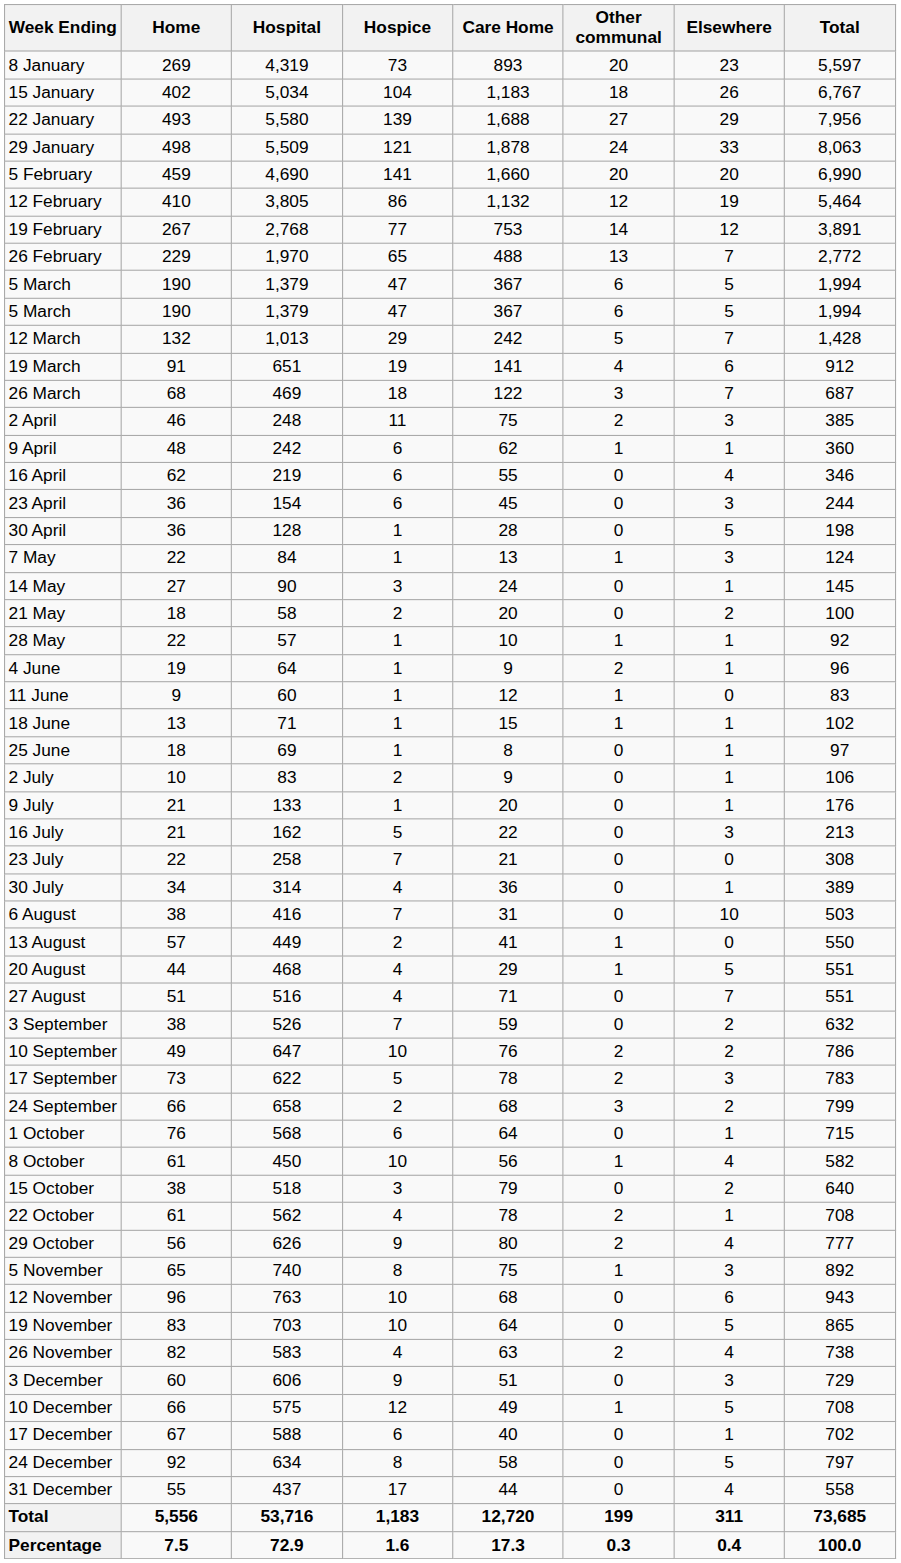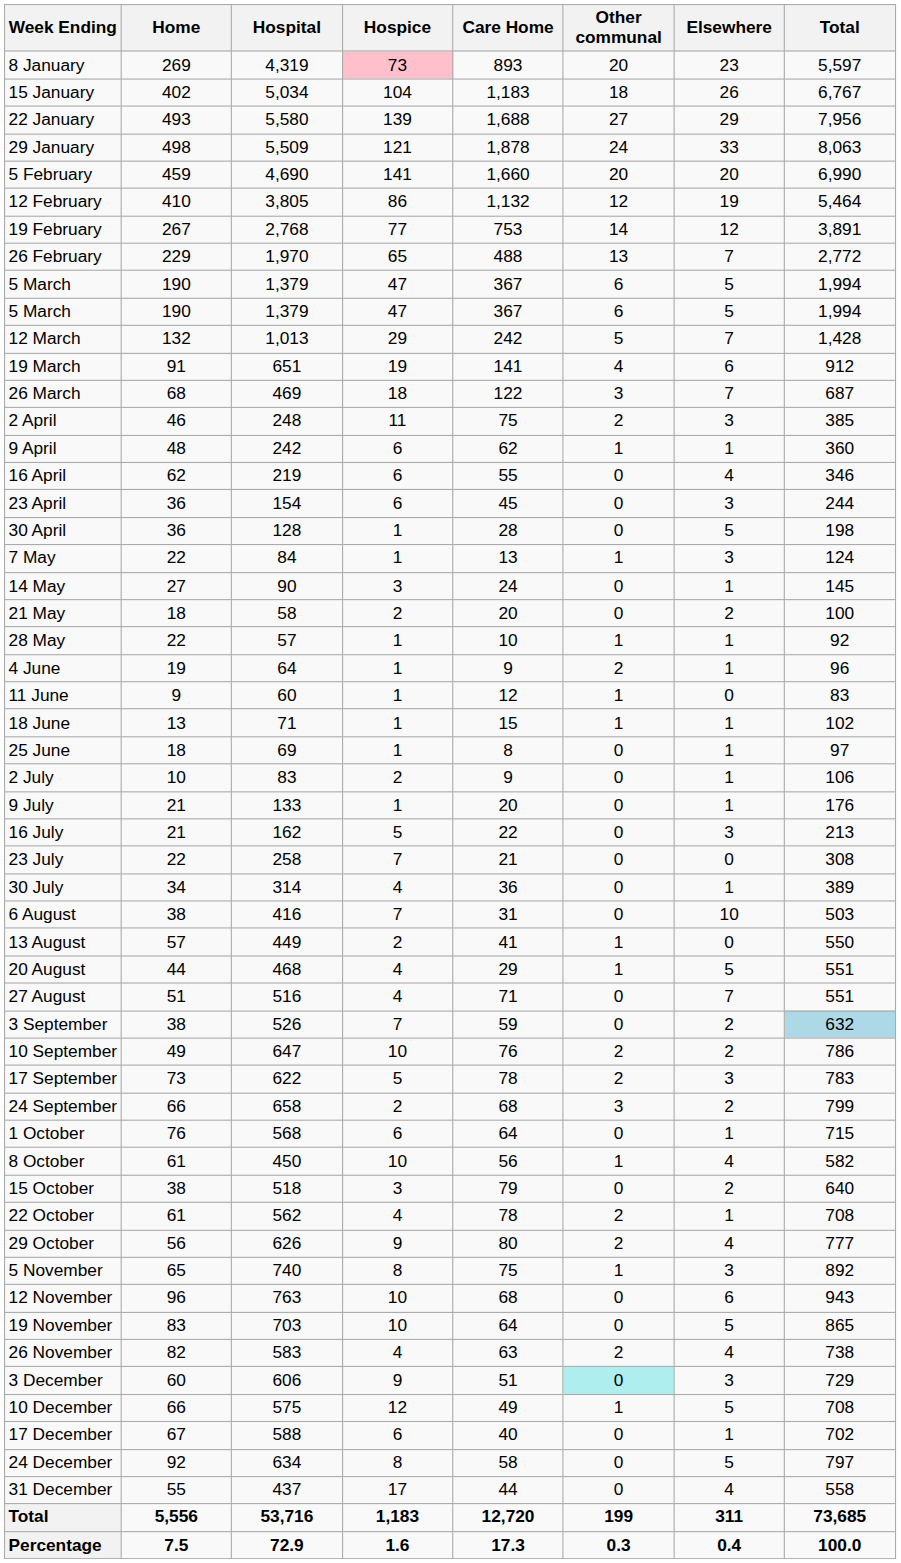 <table class="wikitable">
 <tr>
 <th>Week Ending</th>
 <th>Home</th>
 <th>Hospital</th>
 <th>Hospice</th>
 <th>Care Home</th>
 <th>Other communal</th>
 <th>Elsewhere</th>
 <th>Total</th>
 </tr>
 <tr>
 <td>8 January</td>
 <td style="width: 95px; text-align:center">269</td>
 <td style="width: 95px; text-align:center">4,319</td>
-<td style="width: 95px; text-align:center">73</td>
+<td style="background: pink; width: 95px; text-align:center">73</td>
 <td style="width: 95px; text-align:center">893</td>
 <td style="width: 95px; text-align:center">20</td>
 <td style="width: 95px; text-align:center">23</td>
 <td style="width: 95px; text-align:center">5,597</td>
 </tr>
 <tr>
 <td>15 January</td>
 <td style="text-align:center">402</td>
 <td style="text-align:center">5,034</td>
 <td style="text-align:center">104</td>
 <td style="text-align:center">1,183</td>
 <td style="text-align:center">18</td>
 <td style="text-align:center">26</td>
 <td style="text-align:center">6,767</td>
 </tr>
 <tr>
 <td>22 January</td>
 <td style="text-align:center">493</td>
 <td style="text-align:center">5,580</td>
 <td style="text-align:center">139</td>
 <td style="text-align:center">1,688</td>
 <td style="text-align:center">27</td>
 <td style="text-align:center">29</td>
 <td style="text-align:center">7,956</td>
 </tr>
 <tr>
 <td>29 January</td>
 <td style="text-align:center">498</td>
 <td style="text-align:center">5,509</td>
 <td style="text-align:center">121</td>
 <td style="text-align:center">1,878</td>
 <td style="text-align:center">24</td>
 <td style="text-align:center">33</td>
 <td style="text-align:center">8,063</td>
 </tr>
 <tr>
 <td>5 February</td>
 <td style="text-align:center">459</td>
 <td style="text-align:center">4,690</td>
 <td style="text-align:center">141</td>
 <td style="text-align:center">1,660</td>
 <td style="text-align:center">20</td>
 <td style="text-align:center">20</td>
 <td style="text-align:center">6,990</td>
 </tr>
 <tr>
 <td>12 February</td>
 <td style="text-align:center">410</td>
 <td style="text-align:center">3,805</td>
 <td style="text-align:center">86</td>
 <td style="text-align:center">1,132</td>
 <td style="text-align:center">12</td>
 <td style="text-align:center">19</td>
 <td style="text-align:center">5,464</td>
 </tr>
 <tr>
 <td>19 February</td>
 <td style="text-align:center">267</td>
 <td style="text-align:center">2,768</td>
 <td style="text-align:center">77</td>
 <td style="text-align:center">753</td>
 <td style="text-align:center">14</td>
 <td style="text-align:center">12</td>
 <td style="text-align:center">3,891</td>
 </tr>
 <tr>
 <td>26 February</td>
 <td style="text-align:center">229</td>
 <td style="text-align:center">1,970</td>
 <td style="text-align:center">65</td>
 <td style="text-align:center">488</td>
 <td style="text-align:center">13</td>
 <td style="text-align:center">7</td>
 <td style="text-align:center">2,772</td>
 </tr>
 <tr>
 <td>5 March</td>
 <td style="text-align:center">190</td>
 <td style="text-align:center">1,379</td>
 <td style="text-align:center">47</td>
 <td style="text-align:center">367</td>
 <td style="text-align:center">6</td>
 <td style="text-align:center">5</td>
 <td style="text-align:center">1,994</td>
 </tr>
 <tr>
 <td>5 March</td>
 <td style="text-align:center">190</td>
 <td style="text-align:center">1,379</td>
 <td style="text-align:center">47</td>
 <td style="text-align:center">367</td>
 <td style="text-align:center">6</td>
 <td style="text-align:center">5</td>
 <td style="text-align:center">1,994</td>
 </tr>
 <tr>
 <td>12 March</td>
 <td style="text-align:center">132</td>
 <td style="text-align:center">1,013</td>
 <td style="text-align:center">29</td>
 <td style="text-align:center">242</td>
 <td style="text-align:center">5</td>
 <td style="text-align:center">7</td>
 <td style="text-align:center">1,428</td>
 </tr>
 <tr>
 <td>19 March</td>
 <td style="text-align:center">91</td>
 <td style="text-align:center">651</td>
 <td style="text-align:center">19</td>
 <td style="text-align:center">141</td>
 <td style="text-align:center">4</td>
 <td style="text-align:center">6</td>
 <td style="text-align:center">912</td>
 </tr>
 <tr>
 <td>26 March</td>
 <td style="text-align:center">68</td>
 <td style="text-align:center">469</td>
 <td style="text-align:center">18</td>
 <td style="text-align:center">122</td>
 <td style="text-align:center">3</td>
 <td style="text-align:center">7</td>
 <td style="text-align:center">687</td>
 </tr>
 <tr>
 <td>2 April</td>
 <td style="text-align:center">46</td>
 <td style="text-align:center">248</td>
 <td style="text-align:center">11</td>
 <td style="text-align:center">75</td>
 <td style="text-align:center">2</td>
 <td style="text-align:center">3</td>
 <td style="text-align:center">385</td>
 </tr>
 <tr>
 <td>9 April</td>
 <td style="text-align:center">48</td>
 <td style="text-align:center">242</td>
 <td style="text-align:center">6</td>
 <td style="text-align:center">62</td>
 <td style="text-align:center">1</td>
 <td style="text-align:center">1</td>
 <td style="text-align:center">360</td>
 </tr>
 <tr>
 <td>16 April</td>
 <td style="text-align:center">62</td>
 <td style="text-align:center">219</td>
 <td style="text-align:center">6</td>
 <td style="text-align:center">55</td>
 <td style="text-align:center">0</td>
 <td style="text-align:center">4</td>
 <td style="text-align:center">346</td>
 </tr>
 <tr>
 <td>23 April</td>
 <td style="text-align:center">36</td>
 <td style="text-align:center">154</td>
 <td style="text-align:center">6</td>
 <td style="text-align:center">45</td>
 <td style="text-align:center">0</td>
 <td style="text-align:center">3</td>
 <td style="text-align:center">244</td>
 </tr>
 <tr>
 <td>30 April</td>
 <td style="text-align:center">36</td>
 <td style="text-align:center">128</td>
 <td style="text-align:center">1</td>
 <td style="text-align:center">28</td>
 <td style="text-align:center">0</td>
 <td style="text-align:center">5</td>
 <td style="text-align:center">198</td>
 </tr>
 <tr>
 <td>7 May</td>
 <td style="text-align:center">22</td>
 <td style="text-align:center">84</td>
 <td style="text-align:center">1</td>
 <td style="text-align:center">13</td>
 <td style="text-align:center">1</td>
 <td style="text-align:center">3</td>
 <td style="text-align:center">124</td>
 </tr>
 <tr>
 <td>14 May</td>
 <td style="text-align:center">27</td>
 <td style="text-align:center">90</td>
 <td style="text-align:center">3</td>
 <td style="text-align:center">24</td>
 <td style="text-align:center">0</td>
 <td style="text-align:center">1</td>
 <td style="text-align:center">145</td>
 </tr>
 <tr>
 <td>21 May</td>
 <td style="text-align:center">18</td>
 <td style="text-align:center">58</td>
 <td style="text-align:center">2</td>
 <td style="text-align:center">20</td>
 <td style="text-align:center">0</td>
 <td style="text-align:center">2</td>
 <td style="text-align:center">100</td>
 </tr>
 <tr>
 <td>28 May</td>
 <td style="text-align:center">22</td>
 <td style="text-align:center">57</td>
 <td style="text-align:center">1</td>
 <td style="text-align:center">10</td>
 <td style="text-align:center">1</td>
 <td style="text-align:center">1</td>
 <td style="text-align:center">92</td>
 </tr>
 <tr>
 <td>4 June</td>
 <td style="text-align:center">19</td>
 <td style="text-align:center">64</td>
 <td style="text-align:center">1</td>
 <td style="text-align:center">9</td>
 <td style="text-align:center">2</td>
 <td style="text-align:center">1</td>
 <td style="text-align:center">96</td>
 </tr>
 <tr>
 <td>11 June</td>
 <td style="text-align:center">9</td>
 <td style="text-align:center">60</td>
 <td style="text-align:center">1</td>
 <td style="text-align:center">12</td>
 <td style="text-align:center">1</td>
 <td style="text-align:center">0</td>
 <td style="text-align:center">83</td>
 </tr>
 <tr>
 <td>18 June</td>
 <td style="text-align:center">13</td>
 <td style="text-align:center">71</td>
 <td style="text-align:center">1</td>
 <td style="text-align:center">15</td>
 <td style="text-align:center">1</td>
 <td style="text-align:center">1</td>
 <td style="text-align:center">102</td>
 </tr>
 <tr>
 <td>25 June</td>
 <td style="text-align:center">18</td>
 <td style="text-align:center">69</td>
 <td style="text-align:center">1</td>
 <td style="text-align:center">8</td>
 <td style="text-align:center">0</td>
 <td style="text-align:center">1</td>
 <td style="text-align:center">97</td>
 </tr>
 <tr>
 <td>2 July</td>
 <td style="text-align:center">10</td>
 <td style="text-align:center">83</td>
 <td style="text-align:center">2</td>
 <td style="text-align:center">9</td>
 <td style="text-align:center">0</td>
 <td style="text-align:center">1</td>
 <td style="text-align:center">106</td>
 </tr>
 <tr>
 <td>9 July</td>
 <td style="text-align:center">21</td>
 <td style="text-align:center">133</td>
 <td style="text-align:center">1</td>
 <td style="text-align:center">20</td>
 <td style="text-align:center">0</td>
 <td style="text-align:center">1</td>
 <td style="text-align:center">176</td>
 </tr>
 <tr>
 <td>16 July</td>
 <td style="text-align:center">21</td>
 <td style="text-align:center">162</td>
 <td style="text-align:center">5</td>
 <td style="text-align:center">22</td>
 <td style="text-align:center">0</td>
 <td style="text-align:center">3</td>
 <td style="text-align:center">213</td>
 </tr>
 <tr>
 <td>23 July</td>
 <td style="text-align:center">22</td>
 <td style="text-align:center">258</td>
 <td style="text-align:center">7</td>
 <td style="text-align:center">21</td>
 <td style="text-align:center">0</td>
 <td style="text-align:center">0</td>
 <td style="text-align:center">308</td>
 </tr>
 <tr>
 <td>30 July</td>
 <td style="text-align:center">34</td>
 <td style="text-align:center">314</td>
 <td style="text-align:center">4</td>
 <td style="text-align:center">36</td>
 <td style="text-align:center">0</td>
 <td style="text-align:center">1</td>
 <td style="text-align:center">389</td>
 </tr>
 <tr>
 <td>6 August</td>
 <td style="text-align:center">38</td>
 <td style="text-align:center">416</td>
 <td style="text-align:center">7</td>
 <td style="text-align:center">31</td>
 <td style="text-align:center">0</td>
 <td style="text-align:center">10</td>
 <td style="text-align:center">503</td>
 </tr>
 <tr>
 <td>13 August</td>
 <td style="text-align:center">57</td>
 <td style="text-align:center">449</td>
 <td style="text-align:center">2</td>
 <td style="text-align:center">41</td>
 <td style="text-align:center">1</td>
 <td style="text-align:center">0</td>
 <td style="text-align:center">550</td>
 </tr>
 <tr>
 <td>20 August</td>
 <td style="text-align:center">44</td>
 <td style="text-align:center">468</td>
 <td style="text-align:center">4</td>
 <td style="text-align:center">29</td>
 <td style="text-align:center">1</td>
 <td style="text-align:center">5</td>
 <td style="text-align:center">551</td>
 </tr>
 <tr>
 <td>27 August</td>
 <td style="text-align:center">51</td>
 <td style="text-align:center">516</td>
 <td style="text-align:center">4</td>
 <td style="text-align:center">71</td>
 <td style="text-align:center">0</td>
 <td style="text-align:center">7</td>
 <td style="text-align:center">551</td>
 </tr>
 <tr>
 <td>3 September</td>
 <td style="text-align:center">38</td>
 <td style="text-align:center">526</td>
 <td style="text-align:center">7</td>
 <td style="text-align:center">59</td>
 <td style="text-align:center">0</td>
 <td style="text-align:center">2</td>
-<td style="text-align:center">632</td>
+<td style="background: lightblue; text-align:center">632</td>
 </tr>
 <tr>
 <td>10 September</td>
 <td style="text-align:center">49</td>
 <td style="text-align:center">647</td>
 <td style="text-align:center">10</td>
 <td style="text-align:center">76</td>
 <td style="text-align:center">2</td>
 <td style="text-align:center">2</td>
 <td style="text-align:center">786</td>
 </tr>
 <tr>
 <td>17 September</td>
 <td style="text-align:center">73</td>
 <td style="text-align:center">622</td>
 <td style="text-align:center">5</td>
 <td style="text-align:center">78</td>
 <td style="text-align:center">2</td>
 <td style="text-align:center">3</td>
 <td style="text-align:center">783</td>
 </tr>
 <tr>
 <td>24 September</td>
 <td style="text-align:center">66</td>
 <td style="text-align:center">658</td>
 <td style="text-align:center">2</td>
 <td style="text-align:center">68</td>
 <td style="text-align:center">3</td>
 <td style="text-align:center">2</td>
 <td style="text-align:center">799</td>
 </tr>
 <tr>
 <td>1 October</td>
 <td style="text-align:center">76</td>
 <td style="text-align:center">568</td>
 <td style="text-align:center">6</td>
 <td style="text-align:center">64</td>
 <td style="text-align:center">0</td>
 <td style="text-align:center">1</td>
 <td style="text-align:center">715</td>
 </tr>
 <tr>
 <td>8 October</td>
 <td style="text-align:center">61</td>
 <td style="text-align:center">450</td>
 <td style="text-align:center">10</td>
 <td style="text-align:center">56</td>
 <td style="text-align:center">1</td>
 <td style="text-align:center">4</td>
 <td style="text-align:center">582</td>
 </tr>
 <tr>
 <td>15 October</td>
 <td style="text-align:center">38</td>
 <td style="text-align:center">518</td>
 <td style="text-align:center">3</td>
 <td style="text-align:center">79</td>
 <td style="text-align:center">0</td>
 <td style="text-align:center">2</td>
 <td style="text-align:center">640</td>
 </tr>
 <tr>
 <td>22 October</td>
 <td style="text-align:center">61</td>
 <td style="text-align:center">562</td>
 <td style="text-align:center">4</td>
 <td style="text-align:center">78</td>
 <td style="text-align:center">2</td>
 <td style="text-align:center">1</td>
 <td style="text-align:center">708</td>
 </tr>
 <tr>
 <td>29 October</td>
 <td style="text-align:center">56</td>
 <td style="text-align:center">626</td>
 <td style="text-align:center">9</td>
 <td style="text-align:center">80</td>
 <td style="text-align:center">2</td>
 <td style="text-align:center">4</td>
 <td style="text-align:center">777</td>
 </tr>
 <tr>
 <td>5 November</td>
 <td style="text-align:center">65</td>
 <td style="text-align:center">740</td>
 <td style="text-align:center">8</td>
 <td style="text-align:center">75</td>
 <td style="text-align:center">1</td>
 <td style="text-align:center">3</td>
 <td style="text-align:center">892</td>
 </tr>
 <tr>
 <td>12 November</td>
 <td style="text-align:center">96</td>
 <td style="text-align:center">763</td>
 <td style="text-align:center">10</td>
 <td style="text-align:center">68</td>
 <td style="text-align:center">0</td>
 <td style="text-align:center">6</td>
 <td style="text-align:center">943</td>
 </tr>
 <tr>
 <td>19 November</td>
 <td style="text-align:center">83</td>
 <td style="text-align:center">703</td>
 <td style="text-align:center">10</td>
 <td style="text-align:center">64</td>
 <td style="text-align:center">0</td>
 <td style="text-align:center">5</td>
 <td style="text-align:center">865</td>
 </tr>
 <tr>
 <td>26 November</td>
 <td style="text-align:center">82</td>
 <td style="text-align:center">583</td>
 <td style="text-align:center">4</td>
 <td style="text-align:center">63</td>
 <td style="text-align:center">2</td>
 <td style="text-align:center">4</td>
 <td style="text-align:center">738</td>
 </tr>
 <tr>
 <td>3 December</td>
 <td style="text-align:center">60</td>
 <td style="text-align:center">606</td>
 <td style="text-align:center">9</td>
 <td style="text-align:center">51</td>
-<td style="text-align:center">0</td>
+<td style="background: paleturquoise; text-align:center">0</td>
 <td style="text-align:center">3</td>
 <td style="text-align:center">729</td>
 </tr>
 <tr>
 <td>10 December</td>
 <td style="text-align:center">66</td>
 <td style="text-align:center">575</td>
 <td style="text-align:center">12</td>
 <td style="text-align:center">49</td>
 <td style="text-align:center">1</td>
 <td style="text-align:center">5</td>
 <td style="text-align:center">708</td>
 </tr>
 <tr>
 <td>17 December</td>
 <td style="text-align:center">67</td>
 <td style="text-align:center">588</td>
 <td style="text-align:center">6</td>
 <td style="text-align:center">40</td>
 <td style="text-align:center">0</td>
 <td style="text-align:center">1</td>
 <td style="text-align:center">702</td>
 </tr>
 <tr>
 <td>24 December</td>
 <td style="text-align:center">92</td>
 <td style="text-align:center">634</td>
 <td style="text-align:center">8</td>
 <td style="text-align:center">58</td>
 <td style="text-align:center">0</td>
 <td style="text-align:center">5</td>
 <td style="text-align:center">797</td>
 </tr>
 <tr>
 <td>31 December</td>
 <td style="text-align:center">55</td>
 <td style="text-align:center">437</td>
 <td style="text-align:center">17</td>
 <td style="text-align:center">44</td>
 <td style="text-align:center">0</td>
 <td style="text-align:center">4</td>
 <td style="text-align:center">558</td>
 </tr>
 <tr>
 <th style=" text-align:left"><strong>Total</strong></th>
 <td style=" text-align:center"><strong>5,556</strong></td>
 <td style=" text-align:center"><strong>53,716</strong></td>
 <td style=" text-align:center"><strong>1,183</strong></td>
 <td style=" text-align:center"><strong>12,720</strong></td>
 <td style=" text-align:center"><strong>199</strong></td>
 <td style=" text-align:center"><strong>311</strong></td>
 <td style=" text-align:center"><strong>73,685</strong></td>
 </tr>
 <tr>
 <th style=" text-align:left"><strong>Percentage</strong></th>
 <td style=" text-align:center"><strong>7.5</strong></td>
 <td style=" text-align:center"><strong>72.9</strong></td>
 <td style=" text-align:center"><strong>1.6</strong></td>
 <td style=" text-align:center"><strong>17.3</strong></td>
 <td style=" text-align:center"><strong>0.3</strong></td>
 <td style=" text-align:center"><strong>0.4</strong></td>
 <td style=" text-align:center"><strong>100.0</strong></td>
 </tr>
 </table>
